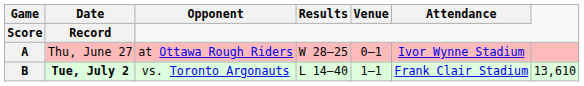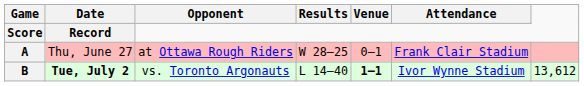 <table class="wikitable" style="text-align:center">
 <tr>
 <th>Game</th>
 <th>Date</th>
 <th>Opponent</th>
 <th>Results</th>
 <th>Venue</th>
 <th>Attendance</th>
 </tr>
 <tr>
 <th>Score</th>
 <th>Record</th>
 </tr>
 <tr style="background:#ffbbbb">
 <th>A</th>
 <td>Thu, June 27</td>
 <td>at <a href='#'>Ottawa Rough Riders</a></td>
 <td>W 28–25</td>
 <td>0–1</td>
-<td><a href='#'>Ivor Wynne Stadium</a></td>
+<td><a href='#'>Frank Clair Stadium</a></td>
 <td></td>
 </tr>
 <tr style="background:#ddffdd">
 <th>B</th>
 <td><strong>Tue, July 2</strong></td>
 <td>vs. <a href='#'>Toronto Argonauts</a></td>
 <td>L 14–40</td>
-<td>1–1</td>
-<td><a href='#'>Frank Clair Stadium</a></td>
-<td>13,610</td>
+<td><strong>1–1</strong></td>
+<td><a href='#'>Ivor Wynne Stadium</a></td>
+<td>13,612</td>
 </tr>
 </table>
